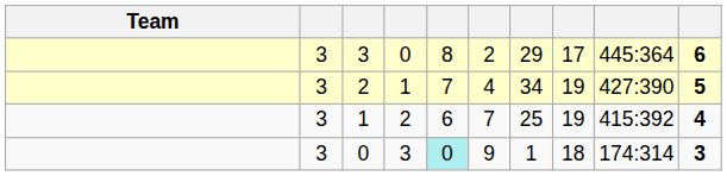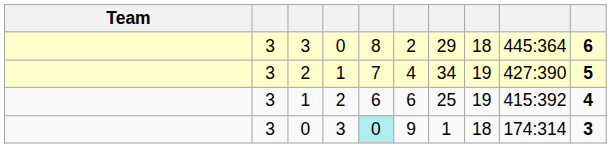 <table class="wikitable" style="text-align:center;">
 <tr>
 <th width=220>Team</th>
 <th width=25></th>
 <th width=25></th>
 <th width=25></th>
 <th width=25></th>
 <th width=25></th>
 <th width=25></th>
 <th width=25></th>
 <th width=25></th>
 <th width=25></th>
 </tr>
 <tr style="background:#ffffcc;">
 <td style="text-align:left;"></td>
 <td>3</td>
 <td>3</td>
 <td>0</td>
 <td>8</td>
 <td>2</td>
 <td>29</td>
-<td>17</td>
+<td>18</td>
 <td>445:364</td>
 <td><strong>6</strong></td>
 </tr>
 <tr style="background:#ffffcc;">
 <td style="text-align:left;"></td>
 <td>3</td>
 <td>2</td>
 <td>1</td>
 <td>7</td>
 <td>4</td>
 <td>34</td>
 <td>19</td>
 <td>427:390</td>
 <td><strong>5</strong></td>
 </tr>
 <tr>
 <td style="text-align:left;"></td>
 <td>3</td>
 <td>1</td>
 <td>2</td>
 <td>6</td>
-<td>7</td>
+<td>6</td>
 <td>25</td>
 <td>19</td>
 <td>415:392</td>
 <td><strong>4</strong></td>
 </tr>
 <tr>
 <td style="text-align:left;"></td>
 <td>3</td>
 <td>0</td>
 <td>3</td>
 <td style="background: paleturquoise;">0</td>
 <td>9</td>
 <td>1</td>
 <td>18</td>
 <td>174:314</td>
 <td><strong>3</strong></td>
 </tr>
 </table>
